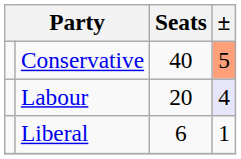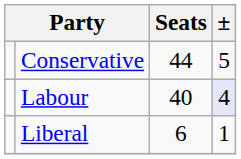 <table class="sortable wikitable">
 <tr>
 <th colspan="2">Party</th>
 <th>Seats</th>
 <th>±</th>
 </tr>
 <tr>
 <td style="background-color: "></td>
 <td><a href='#'>Conservative</a></td>
-<td align="center">40</td>
-<td align="center" style="background: lightsalmon;">5</td>
+<td align="center">44</td>
+<td align="center">5</td>
 </tr>
 <tr>
 <td style="background-color: "></td>
 <td><a href='#'>Labour</a></td>
-<td align="center">20</td>
+<td align="center">40</td>
 <td align="center" style="background: lavender;">4</td>
 </tr>
 <tr>
 <td style="background-color: "></td>
 <td><a href='#'>Liberal</a></td>
 <td align="center">6</td>
 <td align="center">1</td>
 </tr>
 <tr>
 </tr>
 </table>
